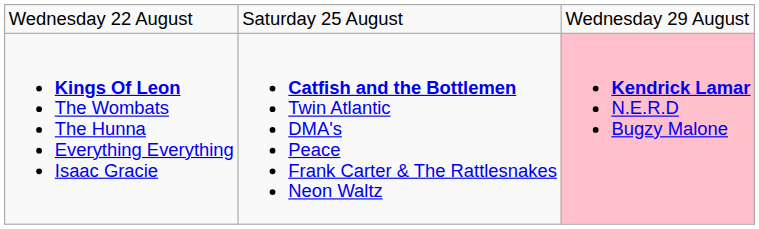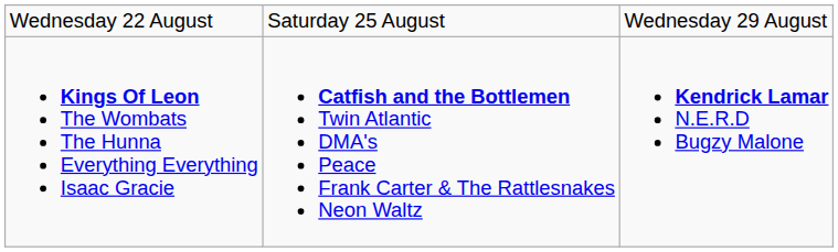 <table class="wikitable">
 <tr>
 <td>Wednesday 22 August</td>
 <td>Saturday 25 August</td>
 <td>Wednesday 29 August</td>
 </tr>
 <tr valign="top">
 <td><br><ul><li><strong><a href='#'>Kings Of Leon</a></strong></li><li><a href='#'>The Wombats</a></li><li><a href='#'>The Hunna</a></li><li><a href='#'>Everything Everything</a></li><li><a href='#'>Isaac Gracie</a></li></ul></td>
 <td><br><ul><li><strong><a href='#'>Catfish and the Bottlemen</a></strong></li><li><a href='#'>Twin Atlantic</a></li><li><a href='#'>DMA's</a></li><li><a href='#'>Peace</a></li><li><a href='#'>Frank Carter & The Rattlesnakes</a></li><li><a href='#'>Neon Waltz</a></li></ul></td>
-<td style="background: pink;"><br><ul><li><strong><a href='#'>Kendrick Lamar</a></strong></li><li><a href='#'>N.E.R.D</a></li><li><a href='#'>Bugzy Malone</a></li></ul></td>
+<td><br><ul><li><strong><a href='#'>Kendrick Lamar</a></strong></li><li><a href='#'>N.E.R.D</a></li><li><a href='#'>Bugzy Malone</a></li></ul></td>
 </tr>
 </table>
